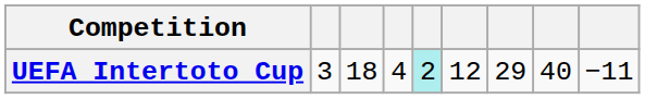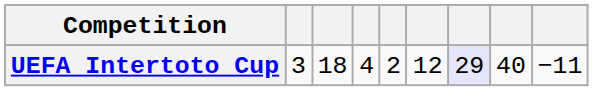 <table class="wikitable" style="text-align: center;">
 <tr>
 <th>Competition</th>
 <th></th>
 <th></th>
 <th></th>
 <th></th>
 <th></th>
 <th></th>
 <th></th>
 <th></th>
 </tr>
 <tr>
 <th style="text-align: left;"><a href='#'>UEFA Intertoto Cup</a></th>
 <td>3</td>
 <td>18</td>
 <td>4</td>
-<td style="background: paleturquoise;">2</td>
+<td>2</td>
 <td>12</td>
-<td>29</td>
+<td style="background: lavender;">29</td>
 <td>40</td>
 <td>−11</td>
 </tr>
 </table>
